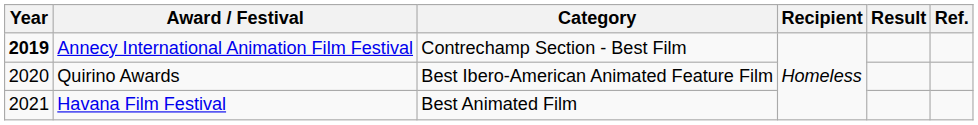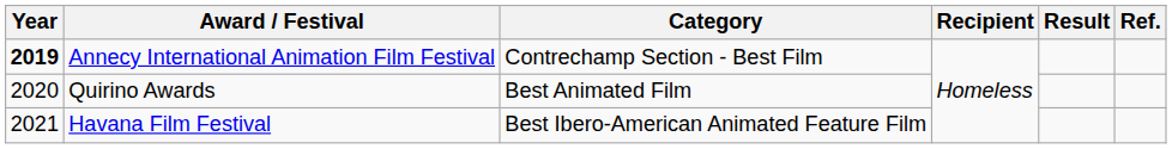 <table class="wikitable">
 <tr>
 <th>Year</th>
 <th>Award / Festival</th>
 <th>Category</th>
 <th>Recipient</th>
 <th>Result</th>
 <th>Ref.</th>
 </tr>
 <tr>
 <td><strong>2019</strong></td>
 <td><a href='#'>Annecy International Animation Film Festival</a></td>
 <td>Contrechamp Section - Best Film</td>
 <td rowspan="3"><em>Homeless</em></td>
 <td></td>
 <td></td>
 </tr>
 <tr>
 <td>2020</td>
 <td>Quirino Awards</td>
-<td>Best Ibero-American Animated Feature Film</td>
+<td>Best Animated Film</td>
 <td></td>
 <td></td>
 </tr>
 <tr>
 <td>2021</td>
 <td><a href='#'>Havana Film Festival</a></td>
-<td>Best Animated Film</td>
+<td>Best Ibero-American Animated Feature Film</td>
 <td></td>
 <td></td>
 </tr>
 </table>
